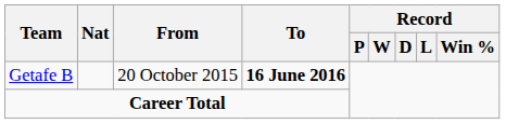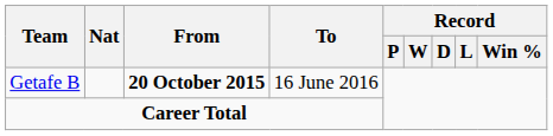 <table class="wikitable" style="text-align: center">
 <tr>
 <th rowspan="2">Team</th>
 <th rowspan="2">Nat</th>
 <th rowspan="2">From</th>
 <th rowspan="2">To</th>
 <th colspan="8">Record</th>
 </tr>
 <tr>
 <th>P</th>
 <th>W</th>
 <th>D</th>
 <th>L</th>
 <th>Win %</th>
 </tr>
 <tr>
 <td align="left"><a href='#'>Getafe B</a></td>
 <td></td>
-<td align=left>20 October 2015</td>
-<td align=left><strong>16 June 2016<br></strong></td>
+<td align=left><strong>20 October 2015</strong></td>
+<td align=left>16 June 2016<br></td>
 </tr>
 <tr>
 <td colspan=4><strong>Career Total</strong><br></td>
 </tr>
 </table>
